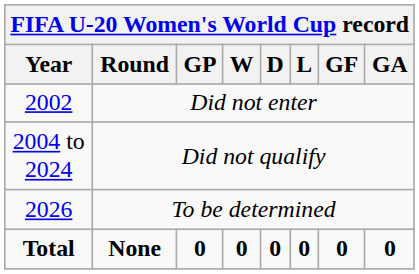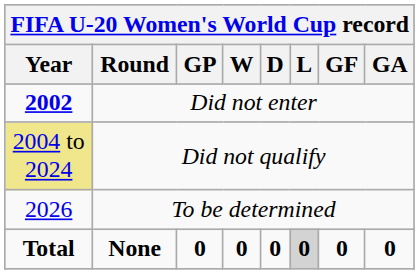 <table class="wikitable" style="text-align:center; font-size:90%;">
 <tr>
 <th colspan=8><a href='#'>FIFA U-20 Women's World Cup</a> record</th>
 </tr>
 <tr>
 <th>Year</th>
 <th>Round</th>
 <th>GP</th>
 <th>W</th>
 <th>D</th>
 <th>L</th>
 <th>GF</th>
 <th>GA</th>
 </tr>
 <tr>
-<td> <a href='#'>2002</a></td>
+<td><strong> <a href='#'>2002</a></strong></td>
 <td colspan=7><em>Did not enter</em></td>
 </tr>
 <tr>
-<td> <a href='#'>2004</a> to <br>  <a href='#'>2024</a></td>
+<td style="background: khaki;"> <a href='#'>2004</a> to <br>  <a href='#'>2024</a></td>
 <td colspan=7><em>Did not qualify</em></td>
 </tr>
 <tr>
 <td> <a href='#'>2026</a></td>
 <td colspan=7><em>To be determined</em></td>
 </tr>
 <tr>
 <td><strong>Total</strong></td>
 <td><strong>None</strong></td>
 <td><strong>0</strong></td>
 <td><strong>0</strong></td>
 <td><strong>0</strong></td>
-<td><strong>0</strong></td>
+<td style="background: lightgrey;"><strong>0</strong></td>
 <td><strong>0</strong></td>
 <td><strong>0</strong></td>
 </tr>
 </table>
